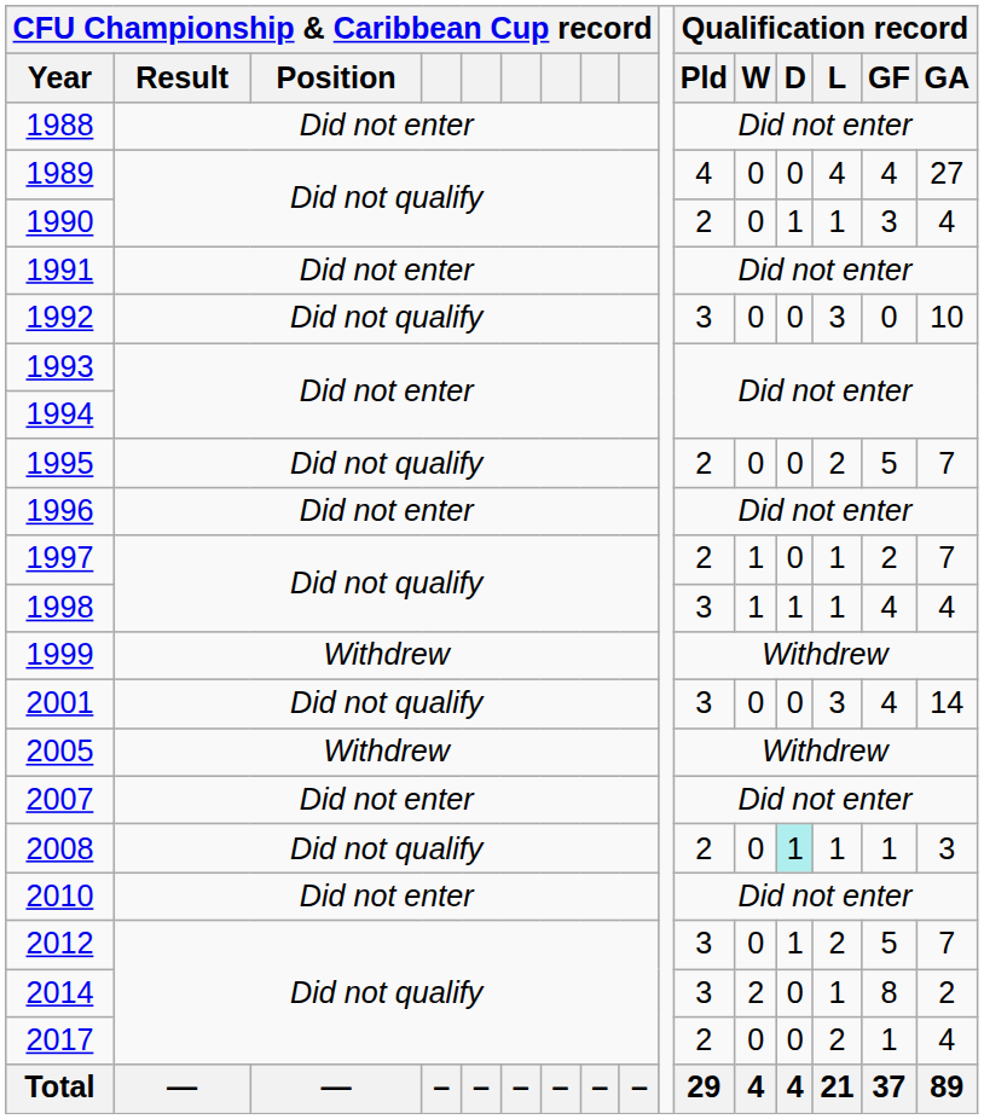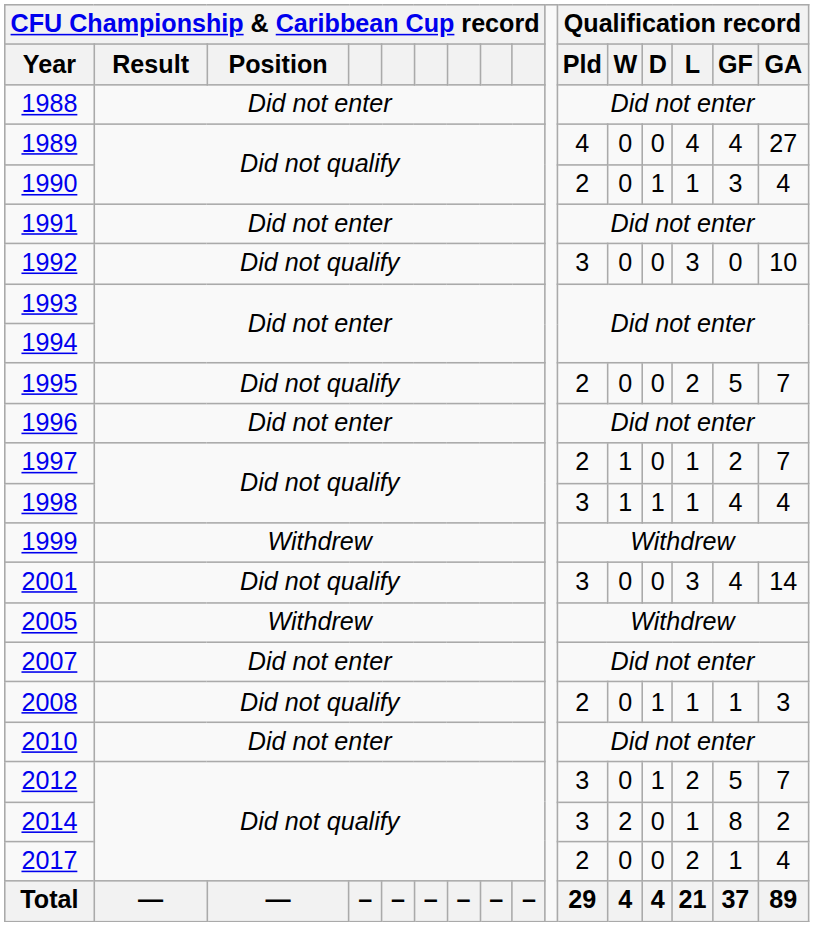 <table class="wikitable" style="text-align: center;">
 <tr>
 <th colspan=9><a href='#'>CFU Championship</a> & <a href='#'>Caribbean Cup</a> record</th>
 <td rowspan=23></td>
 <th colspan=6>Qualification record</th>
 </tr>
 <tr>
 <th>Year</th>
 <th>Result</th>
 <th>Position</th>
 <th></th>
 <th></th>
 <th></th>
 <th></th>
 <th></th>
 <th></th>
 <th>Pld</th>
 <th>W</th>
 <th>D</th>
 <th>L</th>
 <th>GF</th>
 <th>GA</th>
 </tr>
 <tr>
 <td> <a href='#'>1988</a></td>
 <td colspan=8><em>Did not enter</em></td>
 <td colspan=6><em>Did not enter</em></td>
 </tr>
 <tr>
 <td> <a href='#'>1989</a></td>
 <td colspan=8 rowspan=2><em>Did not qualify</em></td>
 <td>4</td>
 <td>0</td>
 <td>0</td>
 <td>4</td>
 <td>4</td>
 <td>27</td>
 </tr>
 <tr>
 <td> <a href='#'>1990</a></td>
 <td>2</td>
 <td>0</td>
 <td>1</td>
 <td>1</td>
 <td>3</td>
 <td>4</td>
 </tr>
 <tr>
 <td> <a href='#'>1991</a></td>
 <td colspan=8><em>Did not enter</em></td>
 <td colspan=6><em>Did not enter</em></td>
 </tr>
 <tr>
 <td> <a href='#'>1992</a></td>
 <td colspan=8><em>Did not qualify</em></td>
 <td>3</td>
 <td>0</td>
 <td>0</td>
 <td>3</td>
 <td>0</td>
 <td>10</td>
 </tr>
 <tr>
 <td> <a href='#'>1993</a></td>
 <td colspan=8 rowspan=2><em>Did not enter</em></td>
 <td colspan=6 rowspan=2><em>Did not enter</em></td>
 </tr>
 <tr>
 <td> <a href='#'>1994</a></td>
 </tr>
 <tr>
 <td>  <a href='#'>1995</a></td>
 <td colspan=8><em>Did not qualify</em></td>
 <td>2</td>
 <td>0</td>
 <td>0</td>
 <td>2</td>
 <td>5</td>
 <td>7</td>
 </tr>
 <tr>
 <td> <a href='#'>1996</a></td>
 <td colspan=8><em>Did not enter</em></td>
 <td colspan=6><em>Did not enter</em></td>
 </tr>
 <tr>
 <td>  <a href='#'>1997</a></td>
 <td rowspan=2 colspan=8><em>Did not qualify</em></td>
 <td>2</td>
 <td>1</td>
 <td>0</td>
 <td>1</td>
 <td>2</td>
 <td>7</td>
 </tr>
 <tr>
 <td>  <a href='#'>1998</a></td>
 <td>3</td>
 <td>1</td>
 <td>1</td>
 <td>1</td>
 <td>4</td>
 <td>4</td>
 </tr>
 <tr>
 <td> <a href='#'>1999</a></td>
 <td colspan=8><em>Withdrew</em></td>
 <td colspan=6><em>Withdrew</em></td>
 </tr>
 <tr>
 <td> <a href='#'>2001</a></td>
 <td colspan=8><em>Did not qualify</em></td>
 <td>3</td>
 <td>0</td>
 <td>0</td>
 <td>3</td>
 <td>4</td>
 <td>14</td>
 </tr>
 <tr>
 <td> <a href='#'>2005</a></td>
 <td colspan=8><em>Withdrew</em></td>
 <td colspan=6><em>Withdrew</em></td>
 </tr>
 <tr>
 <td> <a href='#'>2007</a></td>
 <td colspan=8><em>Did not enter</em></td>
 <td colspan=6><em>Did not enter</em></td>
 </tr>
 <tr>
 <td> <a href='#'>2008</a></td>
 <td colspan=8><em>Did not qualify</em></td>
 <td>2</td>
 <td>0</td>
-<td style="background: paleturquoise;">1</td>
+<td>1</td>
 <td>1</td>
 <td>1</td>
 <td>3</td>
 </tr>
 <tr>
 <td> <a href='#'>2010</a></td>
 <td colspan=8><em>Did not enter</em></td>
 <td colspan=6><em>Did not enter</em></td>
 </tr>
 <tr>
 <td> <a href='#'>2012</a></td>
 <td colspan=8 rowspan=3><em>Did not qualify</em></td>
 <td>3</td>
 <td>0</td>
 <td>1</td>
 <td>2</td>
 <td>5</td>
 <td>7</td>
 </tr>
 <tr>
 <td> <a href='#'>2014</a></td>
 <td>3</td>
 <td>2</td>
 <td>0</td>
 <td>1</td>
 <td>8</td>
 <td>2</td>
 </tr>
 <tr>
 <td> <a href='#'>2017</a></td>
 <td>2</td>
 <td>0</td>
 <td>0</td>
 <td>2</td>
 <td>1</td>
 <td>4</td>
 </tr>
 <tr>
 <th>Total</th>
 <th>—</th>
 <th>—</th>
 <th>–</th>
 <th>–</th>
 <th>–</th>
 <th>–</th>
 <th>–</th>
 <th>–</th>
 <th>29</th>
 <th>4</th>
 <th>4</th>
 <th>21</th>
 <th>37</th>
 <th>89</th>
 </tr>
 </table>
